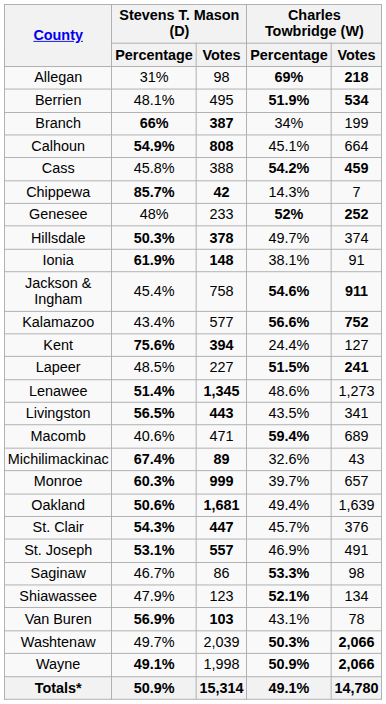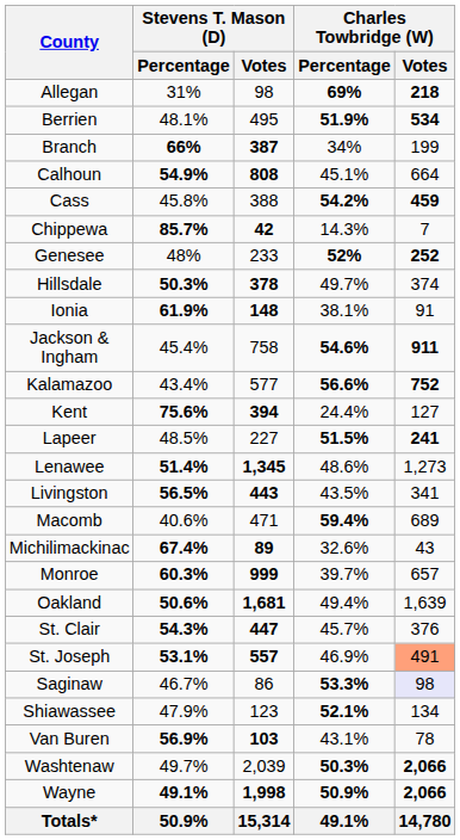 <table style="width:45%;" class="wikitable sortable">
 <tr style="background:lightgrey;">
 <th style="width:10%;" rowspan=2><a href='#'>County</a></th>
 <th style="width:20%;" colspan=2>Stevens T. Mason (D)</th>
 <th style="width:20%;" colspan=2>Charles Towbridge (W)</th>
 </tr>
 <tr>
 <th style="width:10%;">Percentage</th>
 <th style="width:10%;">Votes</th>
 <th style="width:10%;">Percentage</th>
 <th style="width:10%;">Votes</th>
 </tr>
 <tr>
 <td align="center" >Allegan</td>
 <td style="text-align:center;">31%</td>
 <td style="text-align:center;">98</td>
 <td style="text-align:center;"><strong>69%</strong></td>
 <td style="text-align:center;"><strong>218</strong></td>
 </tr>
 <tr>
 <td align="center" >Berrien</td>
 <td style="text-align:center;">48.1%</td>
 <td style="text-align:center;">495</td>
 <td style="text-align:center;"><strong>51.9%</strong></td>
 <td style="text-align:center;"><strong>534</strong></td>
 </tr>
 <tr>
 <td align="center" >Branch</td>
 <td style="text-align:center;"><strong>66%</strong></td>
 <td style="text-align:center;"><strong>387</strong></td>
 <td style="text-align:center;">34%</td>
 <td style="text-align:center;">199</td>
 </tr>
 <tr>
 <td align="center" >Calhoun</td>
 <td style="text-align:center;"><strong>54.9%</strong></td>
 <td style="text-align:center;"><strong>808</strong></td>
 <td style="text-align:center;">45.1%</td>
 <td style="text-align:center;">664</td>
 </tr>
 <tr>
 <td align="center" >Cass</td>
 <td style="text-align:center;">45.8%</td>
 <td style="text-align:center;">388</td>
 <td style="text-align:center;"><strong>54.2%</strong></td>
 <td style="text-align:center;"><strong>459</strong></td>
 </tr>
 <tr>
 <td align="center" >Chippewa</td>
 <td style="text-align:center;"><strong>85.7%</strong></td>
 <td style="text-align:center;"><strong>42</strong></td>
 <td style="text-align:center;">14.3%</td>
 <td style="text-align:center;">7</td>
 </tr>
 <tr>
 <td align="center" >Genesee</td>
 <td style="text-align:center;">48%</td>
 <td style="text-align:center;">233</td>
 <td style="text-align:center;"><strong>52%</strong></td>
 <td style="text-align:center;"><strong>252</strong></td>
 </tr>
 <tr>
 <td align="center" >Hillsdale</td>
 <td style="text-align:center;"><strong>50.3%</strong></td>
 <td style="text-align:center;"><strong>378</strong></td>
 <td style="text-align:center;">49.7%</td>
 <td style="text-align:center;">374</td>
 </tr>
 <tr>
 <td align="center" >Ionia</td>
 <td style="text-align:center;"><strong>61.9%</strong></td>
 <td style="text-align:center;"><strong>148</strong></td>
 <td style="text-align:center;">38.1%</td>
 <td style="text-align:center;">91</td>
 </tr>
 <tr>
 <td align="center" >Jackson & Ingham</td>
 <td style="text-align:center;">45.4%</td>
 <td style="text-align:center;">758</td>
 <td style="text-align:center;"><strong>54.6%</strong></td>
 <td style="text-align:center;"><strong>911</strong></td>
 </tr>
 <tr>
 <td align="center" >Kalamazoo</td>
 <td style="text-align:center;">43.4%</td>
 <td style="text-align:center;">577</td>
 <td style="text-align:center;"><strong>56.6%</strong></td>
 <td style="text-align:center;"><strong>752</strong></td>
 </tr>
 <tr>
 <td align="center" >Kent</td>
 <td style="text-align:center;"><strong>75.6%</strong></td>
 <td style="text-align:center;"><strong>394</strong></td>
 <td style="text-align:center;">24.4%</td>
 <td style="text-align:center;">127</td>
 </tr>
 <tr>
 <td align="center" >Lapeer</td>
 <td style="text-align:center;">48.5%</td>
 <td style="text-align:center;">227</td>
 <td style="text-align:center;"><strong>51.5%</strong></td>
 <td style="text-align:center;"><strong>241</strong></td>
 </tr>
 <tr>
 <td align="center" >Lenawee</td>
 <td style="text-align:center;"><strong>51.4%</strong></td>
 <td style="text-align:center;"><strong>1,345</strong></td>
 <td style="text-align:center;">48.6%</td>
 <td style="text-align:center;">1,273</td>
 </tr>
 <tr>
 <td align="center" >Livingston</td>
 <td style="text-align:center;"><strong>56.5%</strong></td>
 <td style="text-align:center;"><strong>443</strong></td>
 <td style="text-align:center;">43.5%</td>
 <td style="text-align:center;">341</td>
 </tr>
 <tr>
 <td align="center" >Macomb</td>
 <td style="text-align:center;">40.6%</td>
 <td style="text-align:center;">471</td>
 <td style="text-align:center;"><strong>59.4%</strong></td>
 <td style="text-align:center;">689</td>
 </tr>
 <tr>
 <td align="center" >Michilimackinac</td>
 <td style="text-align:center;"><strong>67.4%</strong></td>
 <td style="text-align:center;"><strong>89</strong></td>
 <td style="text-align:center;">32.6%</td>
 <td style="text-align:center;">43</td>
 </tr>
 <tr>
 <td align="center" >Monroe</td>
 <td style="text-align:center;"><strong>60.3%</strong></td>
 <td style="text-align:center;"><strong>999</strong></td>
 <td style="text-align:center;">39.7%</td>
 <td style="text-align:center;">657</td>
 </tr>
 <tr>
 <td align="center" >Oakland</td>
 <td style="text-align:center;"><strong>50.6%</strong></td>
 <td style="text-align:center;"><strong>1,681</strong></td>
 <td style="text-align:center;">49.4%</td>
 <td style="text-align:center;">1,639</td>
 </tr>
 <tr>
 <td align="center" >St. Clair</td>
 <td style="text-align:center;"><strong>54.3%</strong></td>
 <td style="text-align:center;"><strong>447</strong></td>
 <td style="text-align:center;">45.7%</td>
 <td style="text-align:center;">376</td>
 </tr>
 <tr>
 <td align="center" >St. Joseph</td>
 <td style="text-align:center;"><strong>53.1%</strong></td>
 <td style="text-align:center;"><strong>557</strong></td>
 <td style="text-align:center;">46.9%</td>
-<td style="text-align:center;">491</td>
+<td style="background: lightsalmon; text-align:center;">491</td>
 </tr>
 <tr>
 <td align="center" >Saginaw</td>
 <td style="text-align:center;">46.7%</td>
 <td style="text-align:center;">86</td>
 <td style="text-align:center;"><strong>53.3%</strong></td>
-<td style="text-align:center;">98</td>
+<td style="background: lavender; text-align:center;">98</td>
 </tr>
 <tr>
 <td align="center" >Shiawassee</td>
 <td style="text-align:center;">47.9%</td>
 <td style="text-align:center;">123</td>
 <td style="text-align:center;"><strong>52.1%</strong></td>
 <td style="text-align:center;">134</td>
 </tr>
 <tr>
 <td align="center" >Van Buren</td>
 <td style="text-align:center;"><strong>56.9%</strong></td>
 <td style="text-align:center;"><strong>103</strong></td>
 <td style="text-align:center;">43.1%</td>
 <td style="text-align:center;">78</td>
 </tr>
 <tr>
 <td align="center" >Washtenaw</td>
 <td style="text-align:center;">49.7%</td>
 <td style="text-align:center;">2,039</td>
 <td style="text-align:center;"><strong>50.3%</strong></td>
 <td style="text-align:center;"><strong>2,066</strong></td>
 </tr>
 <tr>
 <td align="center" >Wayne</td>
 <td style="text-align:center;"><strong>49.1%</strong></td>
-<td style="text-align:center;">1,998</td>
+<td style="text-align:center;"><strong>1,998</strong></td>
 <td style="text-align:center;"><strong>50.9%</strong></td>
 <td style="text-align:center;"><strong>2,066</strong></td>
 </tr>
 <tr>
 <th align="center" >Totals*</th>
 <th style="text-align:center;"><strong>50.9%</strong></th>
 <th style="text-align:center;"><strong>15,314</strong></th>
 <th style="text-align:center;">49.1%</th>
 <th style="text-align:center;">14,780</th>
 </tr>
 </table>
